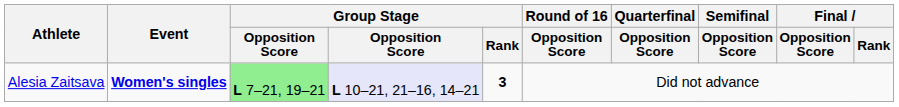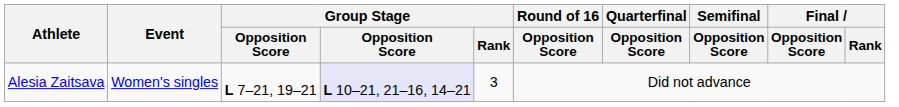 <table class="wikitable" style="font-size:90%">
 <tr>
 <th rowspan=2>Athlete</th>
 <th rowspan=2>Event</th>
 <th colspan=3>Group Stage</th>
 <th>Round of 16</th>
 <th>Quarterfinal</th>
 <th>Semifinal</th>
 <th colspan=2>Final / </th>
 </tr>
 <tr style="font-size:95%">
 <th>Opposition<br>Score</th>
 <th>Opposition<br>Score</th>
 <th>Rank</th>
 <th>Opposition<br>Score</th>
 <th>Opposition<br>Score</th>
 <th>Opposition<br>Score</th>
 <th>Opposition<br>Score</th>
 <th>Rank</th>
 </tr>
 <tr align=center>
 <td align=left><a href='#'>Alesia Zaitsava</a></td>
-<td align=left><strong><a href='#'>Women's singles</a></strong></td>
-<td style="background: lightgreen;"><br><strong>L</strong> 7–21, 19–21</td>
+<td align=left><a href='#'>Women's singles</a></td>
+<td><br><strong>L</strong> 7–21, 19–21</td>
 <td style="background: lavender;"><br><strong>L</strong> 10–21, 21–16, 14–21</td>
-<td><strong>3</strong></td>
+<td>3</td>
 <td colspan=5>Did not advance</td>
 </tr>
 </table>
